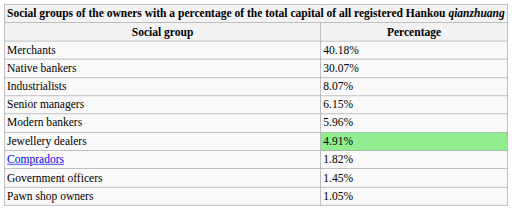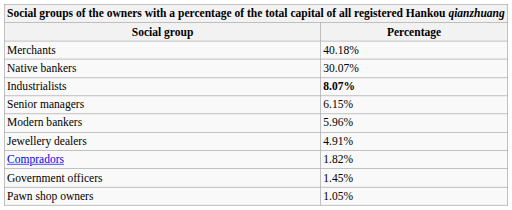 <table class="wikitable" style="font-size: 100%">
 <tr>
 <th colspan=2>Social groups of the owners with a percentage of the total capital of all registered Hankou <em>qianzhuang</em></th>
 </tr>
 <tr>
 <th>Social group</th>
 <th>Percentage</th>
 </tr>
 <tr>
 <td>Merchants</td>
 <td>40.18%</td>
 </tr>
 <tr>
 <td>Native bankers</td>
 <td>30.07%</td>
 </tr>
 <tr>
 <td>Industrialists</td>
-<td>8.07%</td>
+<td><strong>8.07%</strong></td>
 </tr>
 <tr>
 <td>Senior managers</td>
 <td>6.15%</td>
 </tr>
 <tr>
 <td>Modern bankers</td>
 <td>5.96%</td>
 </tr>
 <tr>
 <td>Jewellery dealers</td>
-<td style="background: lightgreen;">4.91%</td>
+<td>4.91%</td>
 </tr>
 <tr>
 <td><a href='#'>Compradors</a></td>
 <td>1.82%</td>
 </tr>
 <tr>
 <td>Government officers</td>
 <td>1.45%</td>
 </tr>
 <tr>
 <td>Pawn shop owners</td>
 <td>1.05%</td>
 </tr>
 </table>
